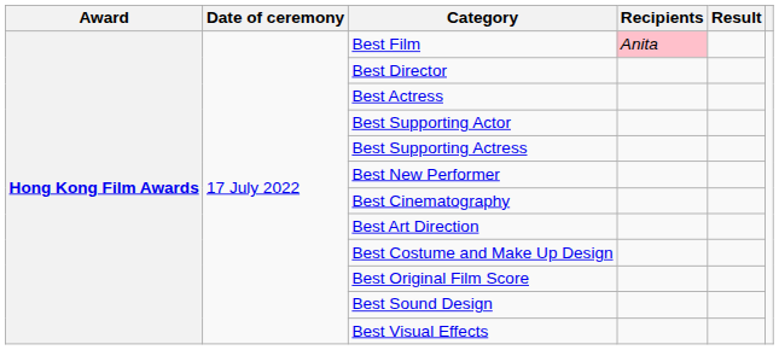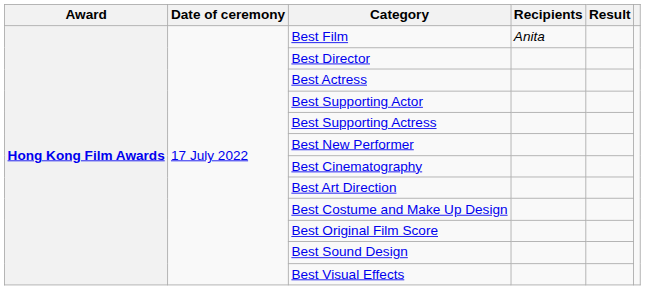 <table class="wikitable sortable plainrowheaders">
 <tr>
 <th scope="col">Award</th>
 <th scope="col">Date of ceremony</th>
 <th scope="col">Category</th>
 <th scope="col">Recipients</th>
 <th scope="col">Result</th>
 <th class="unsortable" scope="col"></th>
 </tr>
 <tr>
 <th rowspan="12" scope="row"><a href='#'>Hong Kong Film Awards</a></th>
 <td rowspan="12"><a href='#'>17 July 2022</a></td>
 <td><a href='#'>Best Film</a></td>
-<td style="background: pink;"><em>Anita</em></td>
+<td><em>Anita</em></td>
 <td></td>
 <td rowspan="12"></td>
 </tr>
 <tr>
 <td><a href='#'>Best Director</a></td>
 <td></td>
 <td></td>
 </tr>
 <tr>
 <td><a href='#'>Best Actress</a></td>
 <td></td>
 <td></td>
 </tr>
 <tr>
 <td><a href='#'>Best Supporting Actor</a></td>
 <td></td>
 <td></td>
 </tr>
 <tr>
 <td><a href='#'>Best Supporting Actress</a></td>
 <td></td>
 <td></td>
 </tr>
 <tr>
 <td><a href='#'>Best New Performer</a></td>
 <td></td>
 <td></td>
 </tr>
 <tr>
 <td><a href='#'>Best Cinematography</a></td>
 <td></td>
 <td></td>
 </tr>
 <tr>
 <td><a href='#'>Best Art Direction</a></td>
 <td></td>
 <td></td>
 </tr>
 <tr>
 <td><a href='#'>Best Costume and Make Up Design</a></td>
 <td></td>
 <td></td>
 </tr>
 <tr>
 <td><a href='#'>Best Original Film Score</a></td>
 <td></td>
 <td></td>
 </tr>
 <tr>
 <td><a href='#'>Best Sound Design</a></td>
 <td></td>
 <td></td>
 </tr>
 <tr>
 <td><a href='#'>Best Visual Effects</a></td>
 <td></td>
 <td></td>
 </tr>
 </table>
